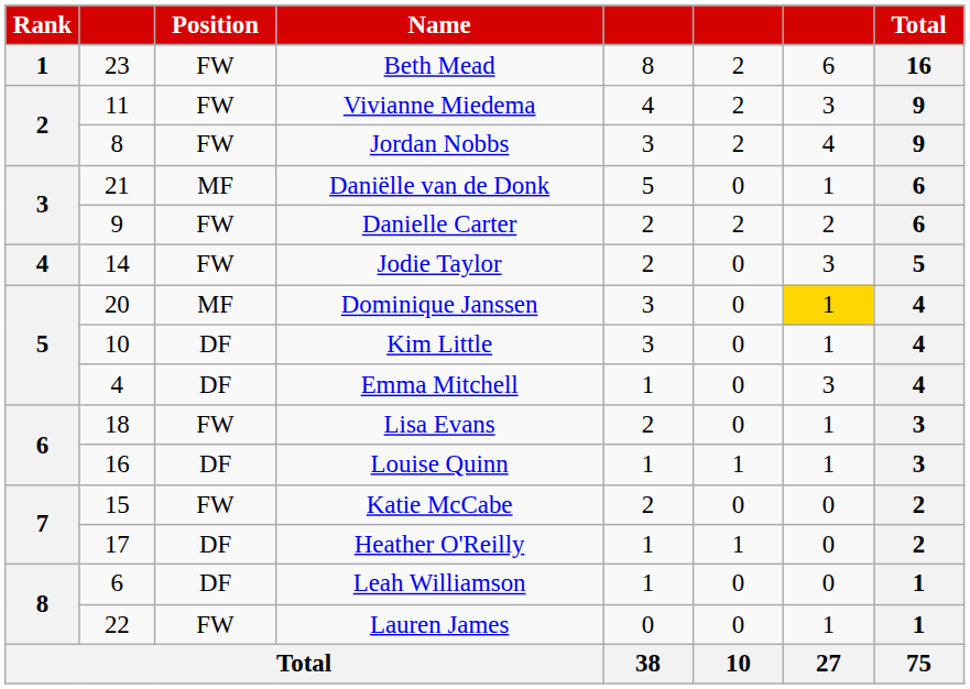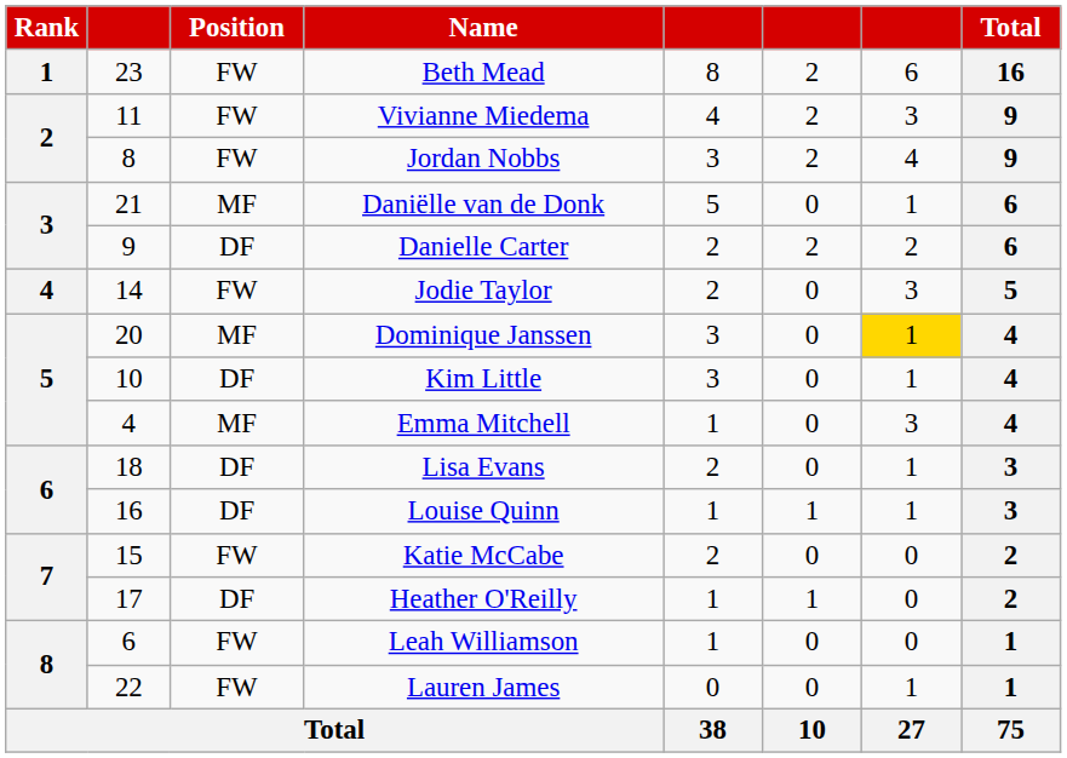 <table class="wikitable" style="text-align:center; font-size:100%; ">
 <tr>
 <th style="background:#d50000; color:white; text-align:center; width:40px">Rank</th>
 <th style="background:#d50000; color:white; text-align:center; width:40px"></th>
 <th style="background:#d50000; color:white; text-align:center; width:70px">Position</th>
 <th style="background:#d50000; color:white; text-align:center; width:200px">Name</th>
 <th style="background:#d50000; color:white; text-align:center; width:50px;"><a href='#'></a></th>
 <th style="background:#d50000; color:white; text-align:center; width:50px;"><a href='#'></a></th>
 <th style="background:#d50000; color:white; text-align:center; width:50px;"><a href='#'></a></th>
 <th style="background:#d50000; color:white; text-align:center; width:50px;">Total</th>
 </tr>
 <tr>
 <th>1</th>
 <td>23</td>
 <td>FW</td>
 <td> <a href='#'>Beth Mead</a></td>
 <td>8</td>
 <td>2</td>
 <td>6</td>
 <th>16</th>
 </tr>
 <tr>
 <th rowspan="2">2</th>
 <td>11</td>
 <td>FW</td>
 <td> <a href='#'>Vivianne Miedema</a></td>
 <td>4</td>
 <td>2</td>
 <td>3</td>
 <th>9</th>
 </tr>
 <tr>
 <td>8</td>
 <td>FW</td>
 <td> <a href='#'>Jordan Nobbs</a></td>
 <td>3</td>
 <td>2</td>
 <td>4</td>
 <th>9</th>
 </tr>
 <tr>
 <th rowspan="2">3</th>
 <td>21</td>
 <td>MF</td>
 <td> <a href='#'>Daniëlle van de Donk</a></td>
 <td>5</td>
 <td>0</td>
 <td>1</td>
 <th>6</th>
 </tr>
 <tr>
 <td>9</td>
-<td>FW</td>
+<td>DF</td>
 <td> <a href='#'>Danielle Carter</a></td>
 <td>2</td>
 <td>2</td>
 <td>2</td>
 <th>6</th>
 </tr>
 <tr>
 <th>4</th>
 <td>14</td>
 <td>FW</td>
 <td> <a href='#'>Jodie Taylor</a></td>
 <td>2</td>
 <td>0</td>
 <td>3</td>
 <th>5</th>
 </tr>
 <tr>
 <th rowspan="3">5</th>
 <td>20</td>
 <td>MF</td>
 <td> <a href='#'>Dominique Janssen</a></td>
 <td>3</td>
 <td>0</td>
 <td style="background: gold;">1</td>
 <th>4</th>
 </tr>
 <tr>
 <td>10</td>
 <td>DF</td>
 <td> <a href='#'>Kim Little</a></td>
 <td>3</td>
 <td>0</td>
 <td>1</td>
 <th>4</th>
 </tr>
 <tr>
 <td>4</td>
-<td>DF</td>
+<td>MF</td>
 <td> <a href='#'>Emma Mitchell</a></td>
 <td>1</td>
 <td>0</td>
 <td>3</td>
 <th>4</th>
 </tr>
 <tr>
 <th rowspan="2">6</th>
 <td>18</td>
-<td>FW</td>
+<td>DF</td>
 <td> <a href='#'>Lisa Evans</a></td>
 <td>2</td>
 <td>0</td>
 <td>1</td>
 <th>3</th>
 </tr>
 <tr>
 <td>16</td>
 <td>DF</td>
 <td> <a href='#'>Louise Quinn</a></td>
 <td>1</td>
 <td>1</td>
 <td>1</td>
 <th>3</th>
 </tr>
 <tr>
 <th rowspan="2">7</th>
 <td>15</td>
 <td>FW</td>
 <td> <a href='#'>Katie McCabe</a></td>
 <td>2</td>
 <td>0</td>
 <td>0</td>
 <th>2</th>
 </tr>
 <tr>
 <td>17</td>
 <td>DF</td>
 <td> <a href='#'>Heather O'Reilly</a></td>
 <td>1</td>
 <td>1</td>
 <td>0</td>
 <th>2</th>
 </tr>
 <tr>
 <th rowspan="2">8</th>
 <td>6</td>
-<td>DF</td>
+<td>FW</td>
 <td> <a href='#'>Leah Williamson</a></td>
 <td>1</td>
 <td>0</td>
 <td>0</td>
 <th>1</th>
 </tr>
 <tr>
 <td>22</td>
 <td>FW</td>
 <td> <a href='#'>Lauren James</a></td>
 <td>0</td>
 <td>0</td>
 <td>1</td>
 <th>1</th>
 </tr>
 <tr>
 <th colspan="4">Total</th>
 <th>38</th>
 <th>10</th>
 <th>27</th>
 <th>75</th>
 </tr>
 </table>
